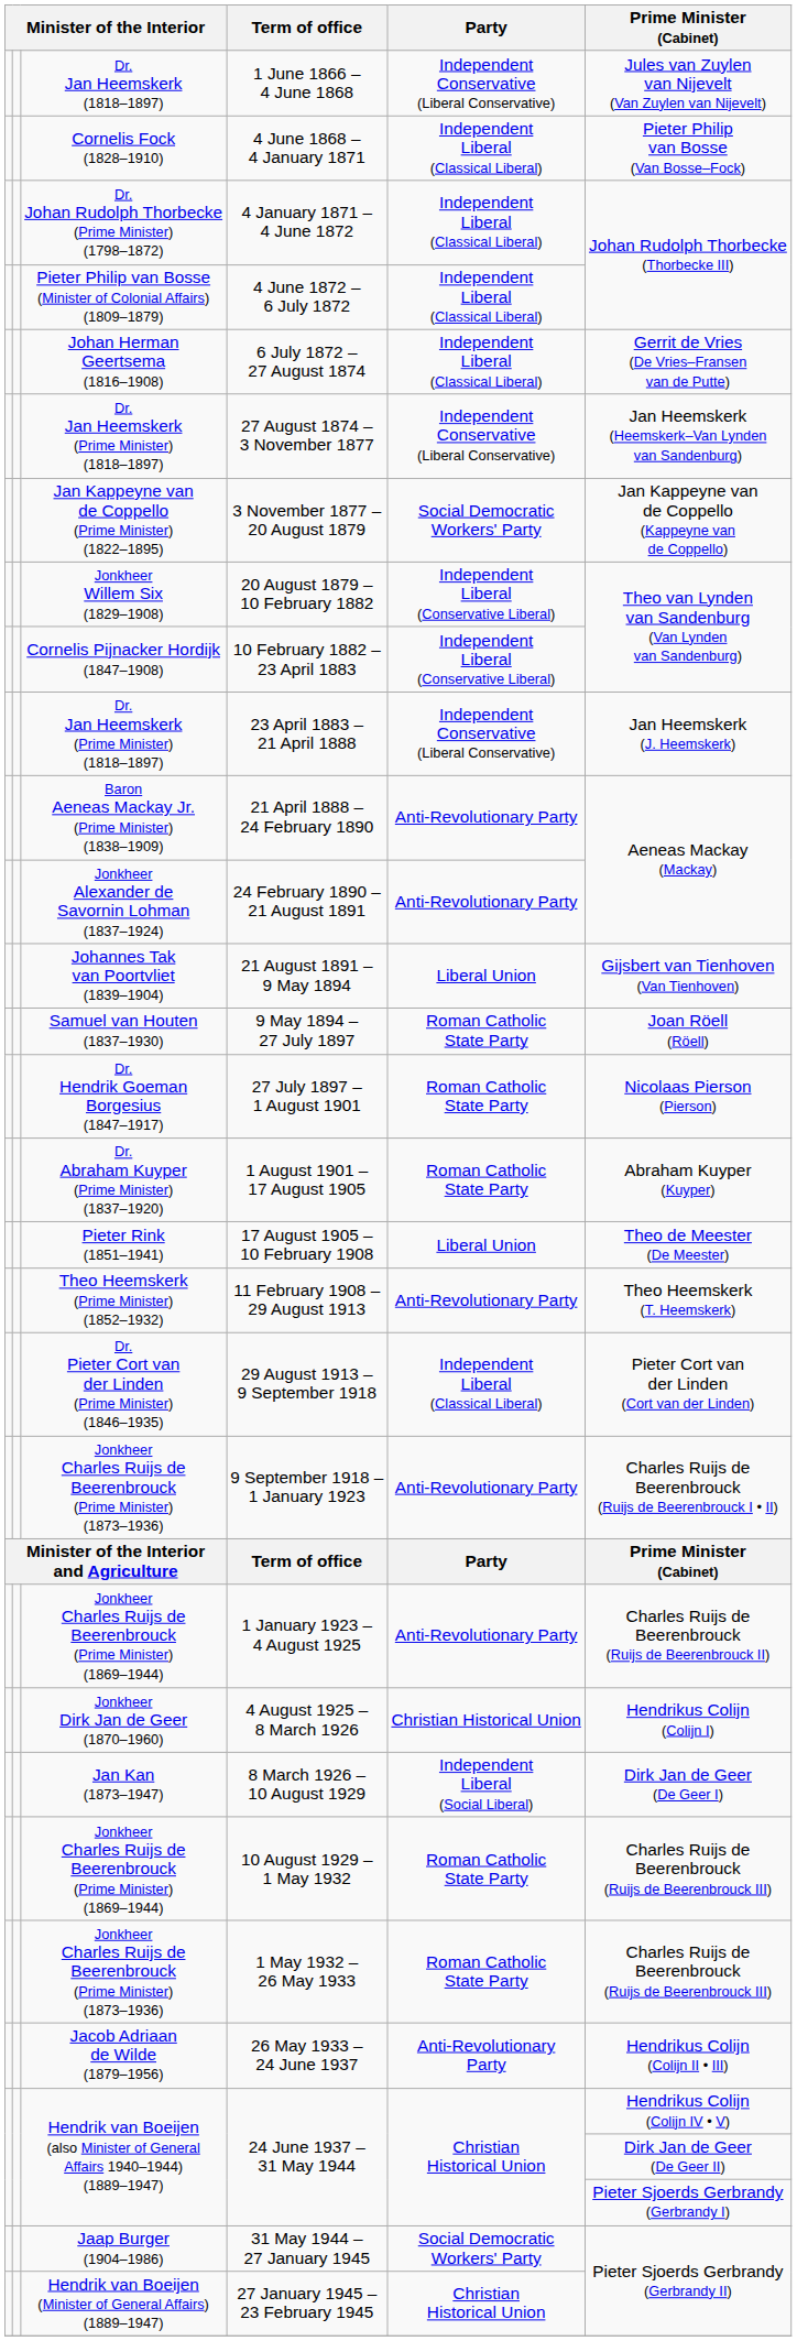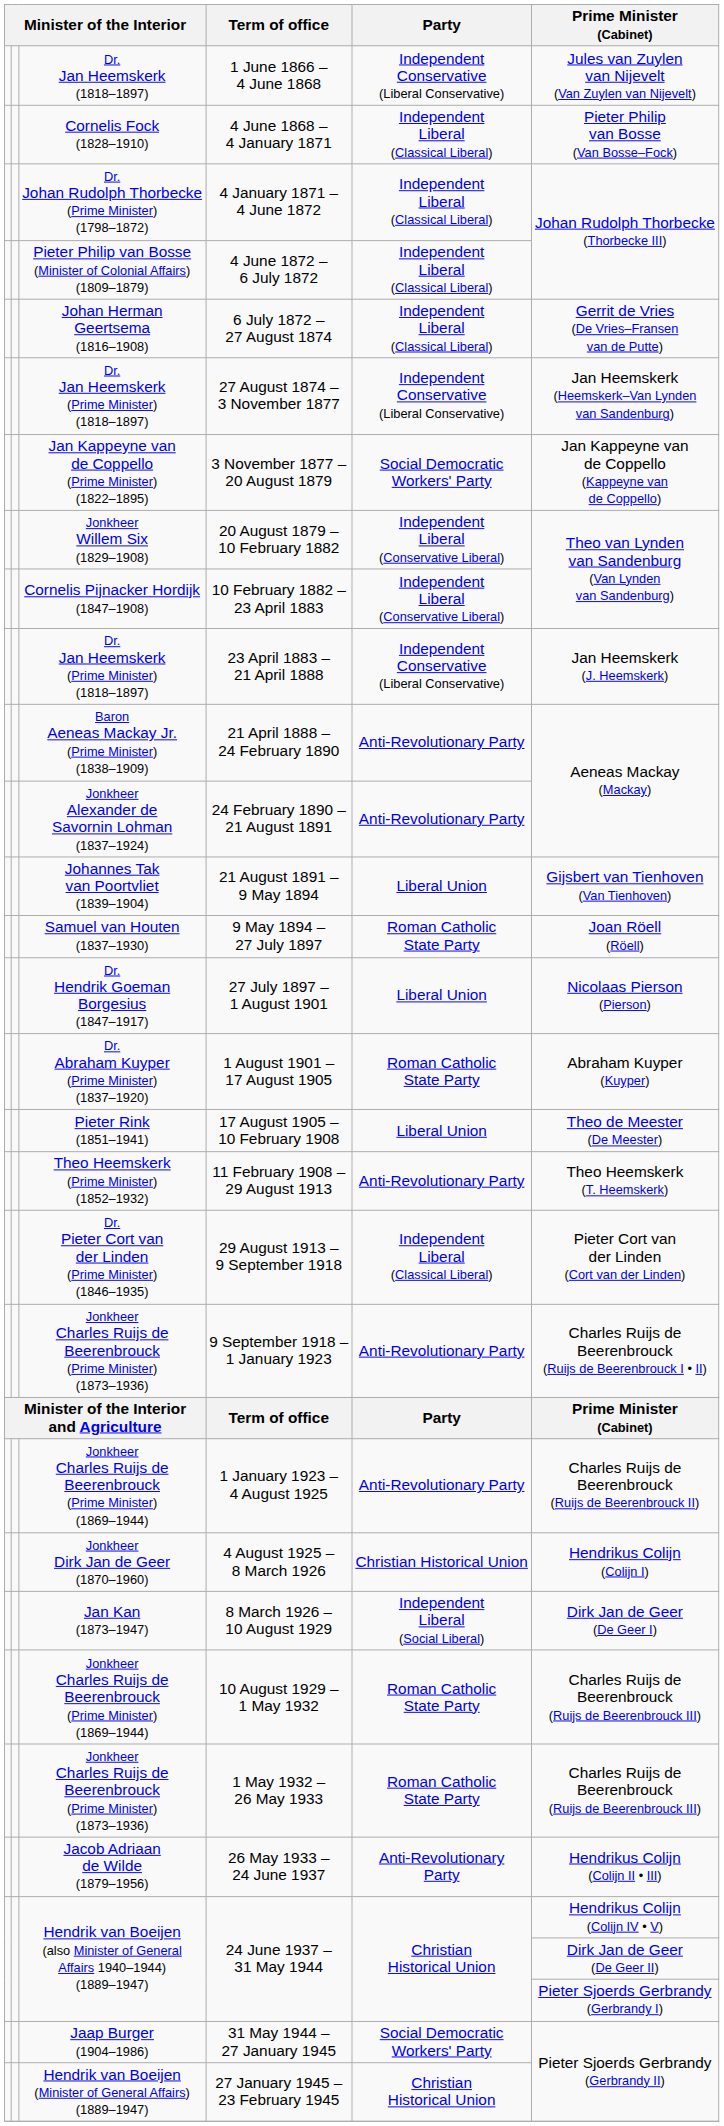 <table class="wikitable" style="text-align:center">
 <tr>
 <th colspan=3>Minister of the Interior</th>
 <th>Term of office</th>
 <th>Party</th>
 <th>Prime Minister <br> <small>(Cabinet)</small></th>
 </tr>
 <tr>
 <td style="background:"></td>
 <td></td>
 <td><small><a href='#'>Dr.</a></small> <br> <a href='#'>Jan Heemskerk</a> <br> <small>(1818–1897)</small></td>
 <td>1 June 1866 – <br> 4 June 1868</td>
 <td><a href='#'>Independent <br> Conservative</a> <br> <small>(Liberal Conservative)</small></td>
 <td><a href='#'>Jules van Zuylen <br> van Nijevelt</a> <br> <small>(<a href='#'>Van Zuylen van Nijevelt</a>)</small> <br></td>
 </tr>
 <tr>
 <td style="background:"></td>
 <td></td>
 <td><a href='#'>Cornelis Fock</a> <br> <small>(1828–1910)</small></td>
 <td>4 June 1868 – <br> 4 January 1871</td>
 <td><a href='#'>Independent <br> Liberal</a> <br> <small>(<a href='#'>Classical Liberal</a>)</small></td>
 <td><a href='#'>Pieter Philip <br> van Bosse</a> <br> <small>(<a href='#'>Van Bosse–Fock</a>)</small> <br></td>
 </tr>
 <tr>
 <td style="background:"></td>
 <td></td>
 <td><small><a href='#'>Dr.</a></small> <br> <a href='#'>Johan Rudolph Thorbecke</a> <br> <small>(<a href='#'>Prime Minister</a>)</small> <br> <small>(1798–1872)</small></td>
 <td>4 January 1871 – <br> 4 June 1872 <br> </td>
 <td><a href='#'>Independent <br> Liberal</a> <br> <small>(<a href='#'>Classical Liberal</a>)</small></td>
 <td rowspan=2><a href='#'>Johan Rudolph Thorbecke</a> <br> <small>(<a href='#'>Thorbecke III</a>)</small> <br></td>
 </tr>
 <tr>
 <td style="background:"></td>
 <td></td>
 <td><a href='#'>Pieter Philip van Bosse</a> <br> <small>(<a href='#'>Minister of Colonial Affairs</a>)</small> <br> <small>(1809–1879)</small></td>
 <td>4 June 1872 – <br> 6 July 1872 <br> </td>
 <td><a href='#'>Independent <br> Liberal</a> <br> <small>(<a href='#'>Classical Liberal</a>)</small></td>
 </tr>
 <tr>
 <td style="background:"></td>
 <td></td>
 <td><a href='#'>Johan Herman <br> Geertsema</a> <br> <small>(1816–1908)</small></td>
 <td>6 July 1872 – <br> 27 August 1874</td>
 <td><a href='#'>Independent <br> Liberal</a> <br> <small>(<a href='#'>Classical Liberal</a>)</small></td>
 <td><a href='#'>Gerrit de Vries</a> <br> <small>(<a href='#'>De Vries–Fransen <br> van de Putte</a>)</small> <br></td>
 </tr>
 <tr>
 <td style="background:"></td>
 <td></td>
 <td><small><a href='#'>Dr.</a></small> <br> <a href='#'>Jan Heemskerk</a> <br> <small>(<a href='#'>Prime Minister</a>)</small> <br> <small>(1818–1897)</small></td>
 <td>27 August 1874 – <br> 3 November 1877</td>
 <td><a href='#'>Independent <br> Conservative</a> <br> <small>(Liberal Conservative)</small></td>
 <td>Jan Heemskerk <br> <small>(<a href='#'>Heemskerk–Van Lynden <br> van Sandenburg</a>)</small> <br></td>
 </tr>
 <tr>
 <td style="background:"></td>
 <td></td>
 <td><a href='#'>Jan Kappeyne van <br> de Coppello</a> <br> <small>(<a href='#'>Prime Minister</a>)</small> <br> <small>(1822–1895)</small></td>
 <td>3 November 1877 – <br> 20 August 1879</td>
 <td><a href='#'>Social Democratic <br> Workers' Party</a></td>
 <td>Jan Kappeyne van <br> de Coppello <br> <small>(<a href='#'>Kappeyne van <br> de Coppello</a>)</small> <br></td>
 </tr>
 <tr>
 <td style="background:"></td>
 <td></td>
 <td><small><a href='#'>Jonkheer</a></small> <br> <a href='#'>Willem Six</a> <br> <small>(1829–1908)</small></td>
 <td>20 August 1879 – <br> 10 February 1882 <br> </td>
 <td><a href='#'>Independent <br> Liberal</a> <br> <small>(<a href='#'>Conservative Liberal</a>)</small></td>
 <td rowspan=2><a href='#'>Theo van Lynden <br> van Sandenburg</a> <br> <small>(<a href='#'>Van Lynden <br> van Sandenburg</a>)</small> <br></td>
 </tr>
 <tr>
 <td style="background:"></td>
 <td></td>
 <td><a href='#'>Cornelis Pijnacker Hordijk</a> <br> <small>(1847–1908)</small></td>
 <td>10 February 1882 – <br> 23 April 1883</td>
 <td><a href='#'>Independent <br> Liberal</a> <br> <small>(<a href='#'>Conservative Liberal</a>)</small></td>
 </tr>
 <tr>
 <td style="background:"></td>
 <td></td>
 <td><small><a href='#'>Dr.</a></small> <br> <a href='#'>Jan Heemskerk</a> <br> <small>(<a href='#'>Prime Minister</a>)</small> <br> <small>(1818–1897)</small></td>
 <td>23 April 1883 – <br> 21 April 1888</td>
 <td><a href='#'>Independent <br> Conservative</a> <br> <small>(Liberal Conservative)</small></td>
 <td>Jan Heemskerk <br> <small>(<a href='#'>J. Heemskerk</a>)</small> <br></td>
 </tr>
 <tr>
 <td style="background:"></td>
 <td></td>
 <td><small><a href='#'>Baron</a></small> <br> <a href='#'>Aeneas Mackay Jr.</a> <br> <small>(<a href='#'>Prime Minister</a>)</small> <br> <small>(1838–1909)</small></td>
 <td>21 April 1888 – <br> 24 February 1890 <br> </td>
 <td><a href='#'>Anti-Revolutionary Party</a></td>
 <td rowspan=2>Aeneas Mackay <br> <small>(<a href='#'>Mackay</a>)</small> <br></td>
 </tr>
 <tr>
 <td style="background:"></td>
 <td></td>
 <td><small><a href='#'>Jonkheer</a></small> <br> <a href='#'>Alexander de <br> Savornin Lohman</a> <br> <small>(1837–1924)</small></td>
 <td>24 February 1890 – <br> 21 August 1891</td>
 <td><a href='#'>Anti-Revolutionary Party</a></td>
 </tr>
 <tr>
 <td style="background:"></td>
 <td></td>
 <td><a href='#'>Johannes Tak <br> van Poortvliet</a> <br> <small>(1839–1904)</small></td>
 <td>21 August 1891 – <br> 9 May 1894</td>
 <td><a href='#'>Liberal Union</a></td>
 <td><a href='#'>Gijsbert van Tienhoven</a> <br> <small>(<a href='#'>Van Tienhoven</a>)</small> <br></td>
 </tr>
 <tr>
 <td style="background:"></td>
 <td></td>
 <td><a href='#'>Samuel van Houten</a> <br> <small>(1837–1930)</small></td>
 <td>9 May 1894 – <br> 27 July 1897</td>
 <td><a href='#'>Roman Catholic <br> State Party</a></td>
 <td><a href='#'>Joan Röell</a> <br> <small>(<a href='#'>Röell</a>)</small> <br></td>
 </tr>
 <tr>
 <td style="background:"></td>
 <td></td>
 <td><small><a href='#'>Dr.</a></small> <br> <a href='#'>Hendrik Goeman <br> Borgesius</a> <br> <small>(1847–1917)</small></td>
 <td>27 July 1897 – <br> 1 August 1901</td>
-<td><a href='#'>Roman Catholic <br> State Party</a></td>
+<td><a href='#'>Liberal Union</a></td>
 <td><a href='#'>Nicolaas Pierson</a> <br> <small>(<a href='#'>Pierson</a>)</small> <br></td>
 </tr>
 <tr>
 <td style="background:"></td>
 <td></td>
 <td><small><a href='#'>Dr.</a></small> <br> <a href='#'>Abraham Kuyper</a> <br> <small>(<a href='#'>Prime Minister</a>)</small> <br> <small>(1837–1920)</small></td>
 <td>1 August 1901 – <br> 17 August 1905</td>
 <td><a href='#'>Roman Catholic <br> State Party</a></td>
 <td>Abraham Kuyper <br> <small>(<a href='#'>Kuyper</a>)</small> <br></td>
 </tr>
 <tr>
 <td style="background:"></td>
 <td></td>
 <td><a href='#'>Pieter Rink</a> <br> <small>(1851–1941)</small></td>
 <td>17 August 1905 – <br> 10 February 1908</td>
 <td><a href='#'>Liberal Union</a></td>
 <td><a href='#'>Theo de Meester</a> <br> <small>(<a href='#'>De Meester</a>)</small> <br></td>
 </tr>
 <tr>
 <td style="background:"></td>
 <td></td>
 <td><a href='#'>Theo Heemskerk</a> <br> <small>(<a href='#'>Prime Minister</a>)</small> <br> <small>(1852–1932)</small></td>
 <td>11 February 1908 – <br> 29 August 1913</td>
 <td><a href='#'>Anti-Revolutionary Party</a></td>
 <td>Theo Heemskerk <br> <small>(<a href='#'>T. Heemskerk</a>)</small> <br></td>
 </tr>
 <tr>
 <td style="background:"></td>
 <td></td>
 <td><small><a href='#'>Dr.</a></small> <br> <a href='#'>Pieter Cort van <br> der Linden</a> <br> <small>(<a href='#'>Prime Minister</a>)</small> <br> <small>(1846–1935)</small></td>
 <td>29 August 1913 – <br> 9 September 1918</td>
 <td><a href='#'>Independent <br> Liberal</a> <br> <small>(<a href='#'>Classical Liberal</a>)</small></td>
 <td>Pieter Cort van <br> der Linden <br> <small>(<a href='#'>Cort van der Linden</a>)</small> <br></td>
 </tr>
 <tr>
 <td style="background:"></td>
 <td></td>
 <td><small><a href='#'>Jonkheer</a></small> <br> <a href='#'>Charles Ruijs de <br> Beerenbrouck</a> <br> <small>(<a href='#'>Prime Minister</a>)</small> <br> <small>(1873–1936)</small></td>
 <td>9 September 1918 – <br> 1 January 1923</td>
 <td><a href='#'>Anti-Revolutionary Party</a></td>
 <td>Charles Ruijs de <br> Beerenbrouck <br> <small>(<a href='#'>Ruijs de Beerenbrouck I</a> • <a href='#'>II</a>)</small> <br></td>
 </tr>
 <tr>
 <th colspan=3>Minister of the Interior <br> and <a href='#'>Agriculture</a></th>
 <th>Term of office</th>
 <th>Party</th>
 <th>Prime Minister <br> <small>(Cabinet)</small></th>
 </tr>
 <tr>
 <td style="background:"></td>
 <td></td>
 <td><small><a href='#'>Jonkheer</a></small> <br> <a href='#'>Charles Ruijs de <br> Beerenbrouck</a> <br> <small>(<a href='#'>Prime Minister</a>)</small> <br> <small>(1869–1944)</small></td>
 <td>1 January 1923 – <br> 4 August 1925</td>
 <td><a href='#'>Anti-Revolutionary Party</a></td>
 <td>Charles Ruijs de <br> Beerenbrouck <br> <small>(<a href='#'>Ruijs de Beerenbrouck II</a>)</small> <br></td>
 </tr>
 <tr>
 <td style="background:"></td>
 <td></td>
 <td><small><a href='#'>Jonkheer</a></small> <br> <a href='#'>Dirk Jan de Geer</a> <br> <small>(1870–1960)</small></td>
 <td>4 August 1925 – <br> 8 March 1926</td>
 <td><a href='#'>Christian Historical Union</a></td>
 <td><a href='#'>Hendrikus Colijn</a> <br> <small>(<a href='#'>Colijn I</a>)</small> <br></td>
 </tr>
 <tr>
 <td style="background:"></td>
 <td></td>
 <td><a href='#'>Jan Kan</a> <br> <small>(1873–1947)</small></td>
 <td>8 March 1926 – <br> 10 August 1929</td>
 <td><a href='#'>Independent <br> Liberal</a> <br> <small>(<a href='#'>Social Liberal</a>)</small></td>
 <td><a href='#'>Dirk Jan de Geer</a> <br> <small>(<a href='#'>De Geer I</a>)</small> <br></td>
 </tr>
 <tr>
 <td style="background:"></td>
 <td></td>
 <td><small><a href='#'>Jonkheer</a></small> <br> <a href='#'>Charles Ruijs de <br> Beerenbrouck</a> <br> <small>(<a href='#'>Prime Minister</a>)</small> <br> <small>(1869–1944)</small></td>
 <td>10 August 1929 – <br> 1 May 1932</td>
 <td><a href='#'>Roman Catholic <br> State Party</a></td>
 <td>Charles Ruijs de <br> Beerenbrouck <br> <small>(<a href='#'>Ruijs de Beerenbrouck III</a>)</small> <br></td>
 </tr>
 <tr>
 <td style="background:"></td>
 <td></td>
 <td><small><a href='#'>Jonkheer</a></small> <br> <a href='#'>Charles Ruijs de <br> Beerenbrouck</a> <br> <small>(<a href='#'>Prime Minister</a>)</small> <br> <small>(1873–1936)</small></td>
 <td>1 May 1932 – <br> 26 May 1933</td>
 <td><a href='#'>Roman Catholic <br> State Party</a></td>
 <td>Charles Ruijs de <br> Beerenbrouck <br> <small>(<a href='#'>Ruijs de Beerenbrouck III</a>)</small> <br></td>
 </tr>
 <tr>
 <td style="background:"></td>
 <td></td>
 <td><a href='#'>Jacob Adriaan <br> de Wilde</a> <br> <small>(1879–1956)</small></td>
 <td>26 May 1933 – <br> 24 June 1937</td>
 <td><a href='#'>Anti-Revolutionary <br> Party</a></td>
 <td><a href='#'>Hendrikus Colijn</a> <br> <small>(<a href='#'>Colijn II</a> • <a href='#'>III</a>)</small> <br></td>
 </tr>
 <tr>
 <td rowspan=4 style="background:"></td>
 <td rowspan=4></td>
 <td rowspan=4><a href='#'>Hendrik van Boeijen</a> <br> <small>(also <a href='#'>Minister of General <br> Affairs</a> 1940–1944)</small> <br> <small>(1889–1947)</small></td>
 <td rowspan=4>24 June 1937 – <br> 31 May 1944 <br> </td>
 <td rowspan=4><a href='#'>Christian <br> Historical Union</a></td>
 <td><a href='#'>Hendrikus Colijn</a> <br> <small>(<a href='#'>Colijn IV</a> • <a href='#'>V</a>)</small> </td>
 </tr>
 <tr>
 <td><a href='#'>Dirk Jan de Geer</a> <br> <small>(<a href='#'>De Geer II</a>)</small> </td>
 </tr>
 <tr>
 <td><a href='#'>Pieter Sjoerds Gerbrandy</a> <br> <small>(<a href='#'>Gerbrandy I</a>)</small> </td>
 </tr>
 <tr>
 <td rowspan=3>Pieter Sjoerds Gerbrandy <br> <small>(<a href='#'>Gerbrandy II</a>)</small> <br></td>
 </tr>
 <tr>
 <td style="background:"></td>
 <td></td>
 <td><a href='#'>Jaap Burger</a> <br> <small>(1904–1986)</small></td>
 <td>31 May 1944 – <br> 27 January 1945 <br> </td>
 <td><a href='#'>Social Democratic <br> Workers' Party</a></td>
 </tr>
 <tr>
 <td style="background:"></td>
 <td></td>
 <td><a href='#'>Hendrik van Boeijen</a> <br> <small>(<a href='#'>Minister of General Affairs</a>)</small> <br> <small>(1889–1947)</small></td>
 <td>27 January 1945 – <br> 23 February 1945 <br> </td>
 <td><a href='#'>Christian <br> Historical Union</a></td>
 </tr>
 <tr>
 </tr>
 </table>
